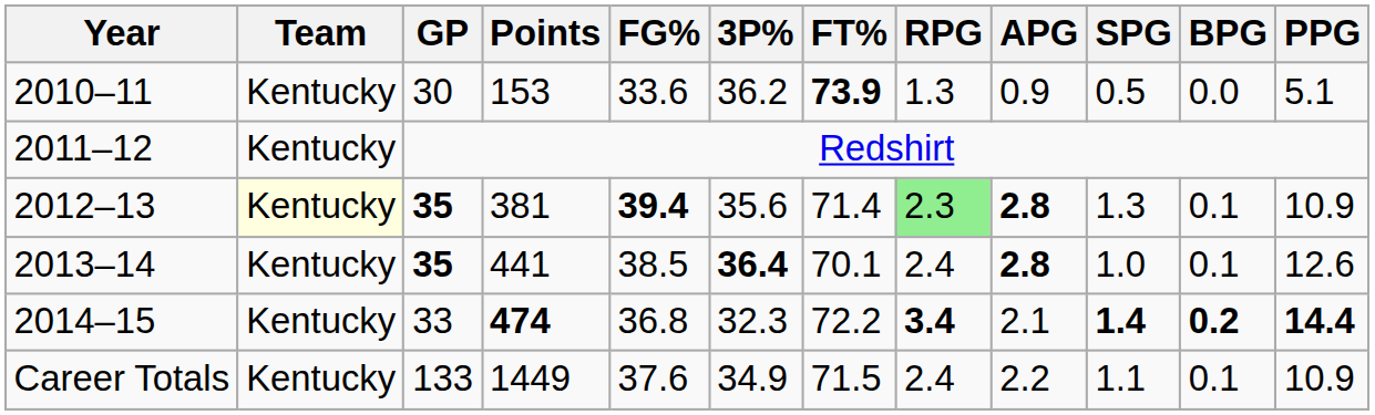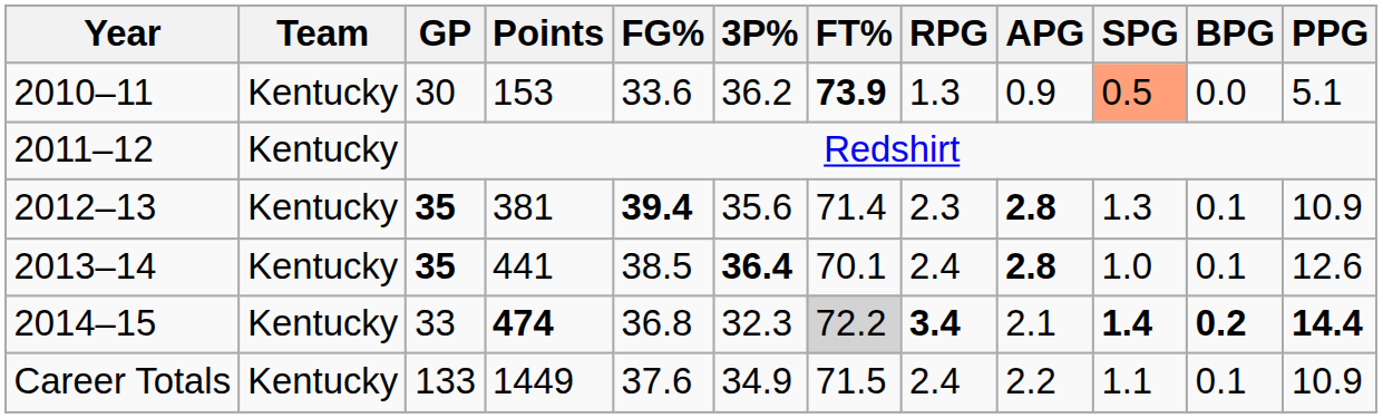 <table class="wikitable">
 <tr>
 <th>Year</th>
 <th>Team</th>
 <th>GP</th>
 <th>Points</th>
 <th>FG%</th>
 <th>3P%</th>
 <th>FT%</th>
 <th>RPG</th>
 <th>APG</th>
 <th>SPG</th>
 <th>BPG</th>
 <th>PPG</th>
 </tr>
 <tr>
 <td>2010–11</td>
 <td>Kentucky</td>
 <td>30</td>
 <td>153</td>
 <td>33.6</td>
 <td>36.2</td>
 <td><strong>73.9</strong></td>
 <td>1.3</td>
 <td>0.9</td>
-<td>0.5</td>
+<td style="background: lightsalmon;">0.5</td>
 <td>0.0</td>
 <td>5.1</td>
 </tr>
 <tr>
 <td>2011–12</td>
 <td>Kentucky</td>
 <td colspan="10" align=center><a href='#'>Redshirt</a></td>
 </tr>
 <tr>
 <td>2012–13</td>
-<td style="background: lightyellow;">Kentucky</td>
+<td>Kentucky</td>
 <td><strong>35</strong></td>
 <td>381</td>
 <td><strong>39.4</strong></td>
 <td>35.6</td>
 <td>71.4</td>
-<td style="background: lightgreen;">2.3</td>
+<td>2.3</td>
 <td><strong>2.8</strong></td>
 <td>1.3</td>
 <td>0.1</td>
 <td>10.9</td>
 </tr>
 <tr>
 <td>2013–14</td>
 <td>Kentucky</td>
 <td><strong>35</strong></td>
 <td>441</td>
 <td>38.5</td>
 <td><strong>36.4</strong></td>
 <td>70.1</td>
 <td>2.4</td>
 <td><strong>2.8</strong></td>
 <td>1.0</td>
 <td>0.1</td>
 <td>12.6</td>
 </tr>
 <tr>
 <td>2014–15</td>
 <td>Kentucky</td>
 <td>33</td>
 <td><strong>474</strong></td>
 <td>36.8</td>
 <td>32.3</td>
-<td>72.2</td>
+<td style="background: lightgrey;">72.2</td>
 <td><strong>3.4</strong></td>
 <td>2.1</td>
 <td><strong>1.4</strong></td>
 <td><strong>0.2</strong></td>
 <td><strong>14.4</strong></td>
 </tr>
 <tr>
 <td>Career Totals</td>
 <td>Kentucky</td>
 <td>133</td>
 <td>1449</td>
 <td>37.6</td>
 <td>34.9</td>
 <td>71.5</td>
 <td>2.4</td>
 <td>2.2</td>
 <td>1.1</td>
 <td>0.1</td>
 <td>10.9</td>
 </tr>
 </table>
